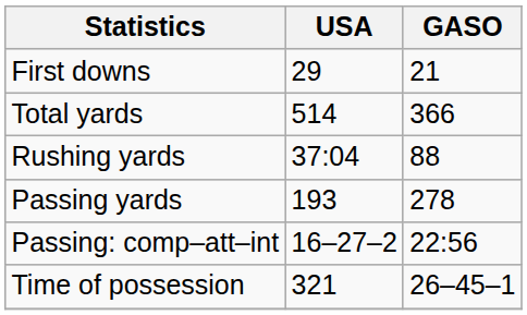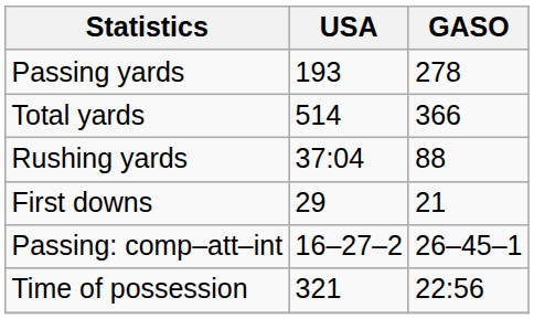 <table class="wikitable" style="float: left;">
 <tr>
 <th>Statistics</th>
 <th>USA</th>
 <th>GASO</th>
 </tr>
 <tr>
-<td>First downs</td>
-<td>29</td>
-<td>21</td>
+<td>Passing yards</td>
+<td>193</td>
+<td>278</td>
 </tr>
 <tr>
 <td>Total yards</td>
 <td>514</td>
 <td>366</td>
 </tr>
 <tr>
 <td>Rushing yards</td>
 <td>37:04</td>
 <td>88</td>
 </tr>
 <tr>
-<td>Passing yards</td>
-<td>193</td>
-<td>278</td>
+<td>First downs</td>
+<td>29</td>
+<td>21</td>
 </tr>
 <tr>
 <td>Passing: comp–att–int</td>
 <td>16–27–2</td>
-<td>22:56</td>
+<td>26–45–1</td>
 </tr>
 <tr>
 <td>Time of possession</td>
 <td>321</td>
-<td>26–45–1</td>
+<td>22:56</td>
 </tr>
 <tr>
 </tr>
 </table>
